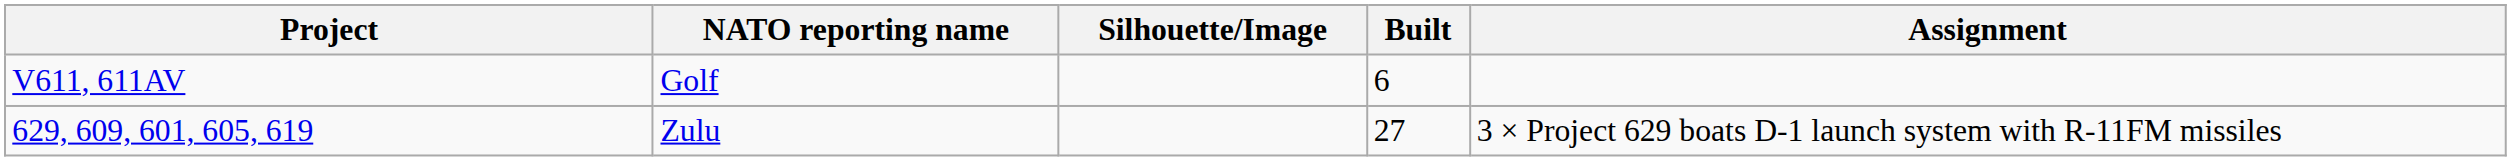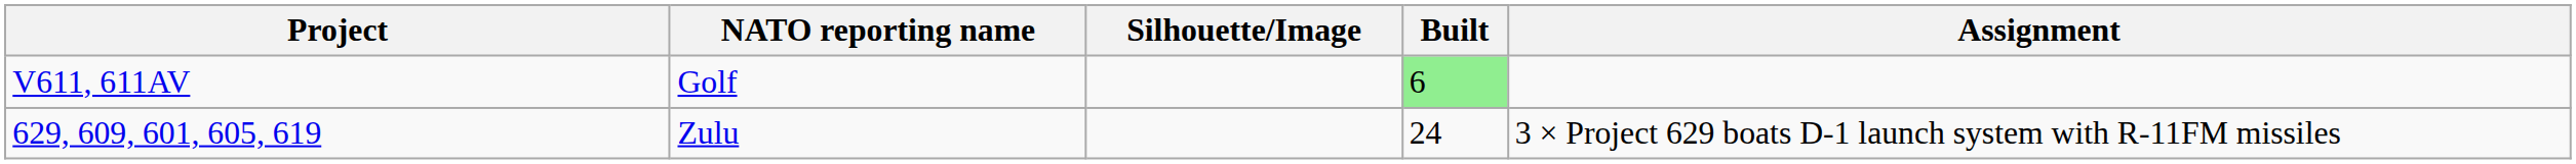 <table class="wikitable" style="width:100%">
 <tr>
 <th style="width: 20em">Project</th>
 <th>NATO reporting name</th>
 <th>Silhouette/Image</th>
 <th>Built</th>
 <th>Assignment</th>
 </tr>
 <tr>
 <td><a href='#'>V611, 611AV</a></td>
 <td><a href='#'>Golf</a></td>
 <td><br></td>
-<td>6</td>
+<td style="background: lightgreen;">6</td>
 <td></td>
 </tr>
 <tr>
 <td><a href='#'>629, 609, 601, 605, 619</a></td>
 <td><a href='#'>Zulu</a></td>
 <td><br>     </td>
-<td>27</td>
+<td>24</td>
 <td>3 × Project 629 boats D-1 launch system with R-11FM missiles</td>
 </tr>
 </table>
